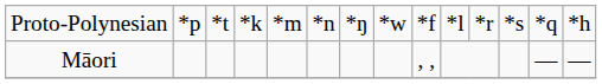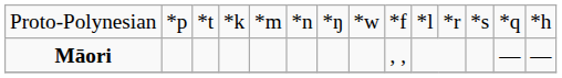 <table class="wikitable" style="text-align:center;">
 <tr>
 <td>Proto-Polynesian</td>
 <td>*p</td>
 <td>*t</td>
 <td>*k</td>
 <td>*m</td>
 <td>*n</td>
 <td>*ŋ</td>
 <td>*w</td>
 <td>*f</td>
 <td>*l</td>
 <td>*r</td>
 <td>*s</td>
 <td>*q</td>
 <td>*h</td>
 </tr>
 <tr>
-<td>Māori</td>
+<td><strong>Māori</strong></td>
 <td></td>
 <td></td>
 <td></td>
 <td></td>
 <td></td>
 <td></td>
 <td></td>
 <td>, , </td>
 <td colspan="2"></td>
 <td></td>
 <td>—</td>
 <td>—</td>
 </tr>
 <tr>
 </tr>
 </table>
